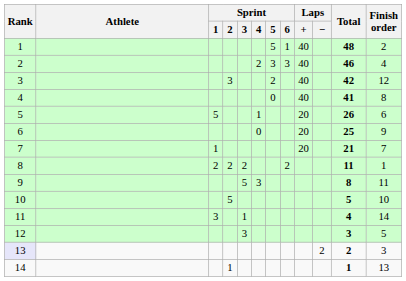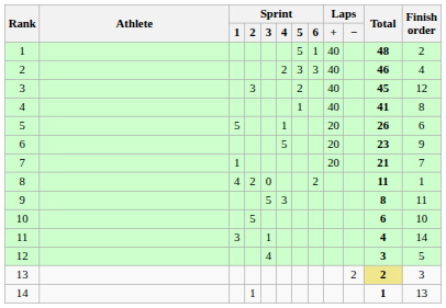 <table class="wikitable" style="text-align:center">
 <tr>
 <th rowspan=2 width=40>Rank</th>
 <th rowspan=2 width=250>Athlete</th>
 <th colspan=6>Sprint</th>
 <th colspan=2>Laps</th>
 <th rowspan=2 width=45>Total</th>
 <th rowspan=2 width=45>Finish order</th>
 </tr>
 <tr>
 <th width=14>1</th>
 <th width=14>2</th>
 <th width=14>3</th>
 <th width=14>4</th>
 <th width=14>5</th>
 <th width=14>6</th>
 <th width=20>+</th>
 <th width=20>−</th>
 </tr>
 <tr bgcolor="ccffcc">
 <td>1</td>
 <td align=left></td>
 <td></td>
 <td></td>
 <td></td>
 <td></td>
 <td>5</td>
 <td>1</td>
 <td>40</td>
 <td></td>
 <td><strong>48</strong></td>
 <td>2</td>
 </tr>
 <tr bgcolor="ccffcc">
 <td>2</td>
 <td align=left></td>
 <td></td>
 <td></td>
 <td></td>
 <td>2</td>
 <td>3</td>
 <td>3</td>
 <td>40</td>
 <td></td>
 <td><strong>46</strong></td>
 <td>4</td>
 </tr>
 <tr bgcolor="ccffcc">
 <td>3</td>
 <td align=left></td>
 <td></td>
 <td>3</td>
 <td></td>
 <td></td>
 <td>2</td>
 <td></td>
 <td>40</td>
 <td></td>
-<td><strong>42</strong></td>
+<td><strong>45</strong></td>
 <td>12</td>
 </tr>
 <tr bgcolor="ccffcc">
 <td>4</td>
 <td align=left></td>
 <td></td>
 <td></td>
 <td></td>
 <td></td>
-<td>0</td>
+<td>1</td>
 <td></td>
 <td>40</td>
 <td></td>
 <td><strong>41</strong></td>
 <td>8</td>
 </tr>
 <tr bgcolor="ccffcc">
 <td>5</td>
 <td align=left></td>
 <td>5</td>
 <td></td>
 <td></td>
 <td>1</td>
 <td></td>
 <td></td>
 <td>20</td>
 <td></td>
 <td><strong>26</strong></td>
 <td>6</td>
 </tr>
 <tr bgcolor="ccffcc">
 <td>6</td>
 <td align=left></td>
 <td></td>
 <td></td>
 <td></td>
-<td>0</td>
+<td>5</td>
 <td></td>
 <td></td>
 <td>20</td>
 <td></td>
-<td><strong>25</strong></td>
+<td><strong>23</strong></td>
 <td>9</td>
 </tr>
 <tr bgcolor="ccffcc">
 <td>7</td>
 <td align=left></td>
 <td>1</td>
 <td></td>
 <td></td>
 <td></td>
 <td></td>
 <td></td>
 <td>20</td>
 <td></td>
 <td><strong>21</strong></td>
 <td>7</td>
 </tr>
 <tr bgcolor="ccffcc">
 <td>8</td>
 <td align=left></td>
+<td>4</td>
 <td>2</td>
-<td>2</td>
-<td>2</td>
+<td>0</td>
 <td></td>
 <td></td>
 <td>2</td>
 <td></td>
 <td></td>
 <td><strong>11</strong></td>
 <td>1</td>
 </tr>
 <tr bgcolor="ccffcc">
 <td>9</td>
 <td align=left></td>
 <td></td>
 <td></td>
 <td>5</td>
 <td>3</td>
 <td></td>
 <td></td>
 <td></td>
 <td></td>
 <td><strong>8</strong></td>
 <td>11</td>
 </tr>
 <tr bgcolor="ccffcc">
 <td>10</td>
 <td align=left></td>
 <td></td>
 <td>5</td>
 <td></td>
 <td></td>
 <td></td>
 <td></td>
 <td></td>
 <td></td>
-<td><strong>5</strong></td>
+<td><strong>6</strong></td>
 <td>10</td>
 </tr>
 <tr bgcolor="ccffcc">
 <td>11</td>
 <td align=left></td>
 <td>3</td>
 <td></td>
 <td>1</td>
 <td></td>
 <td></td>
 <td></td>
 <td></td>
 <td></td>
 <td><strong>4</strong></td>
 <td>14</td>
 </tr>
 <tr bgcolor="ccffcc">
 <td>12</td>
 <td align=left></td>
 <td></td>
 <td></td>
-<td>3</td>
+<td>4</td>
 <td></td>
 <td></td>
 <td></td>
 <td></td>
 <td></td>
 <td><strong>3</strong></td>
 <td>5</td>
 </tr>
 <tr>
-<td style="background: lavender;">13</td>
+<td>13</td>
 <td align=left></td>
 <td></td>
 <td></td>
 <td></td>
 <td></td>
 <td></td>
 <td></td>
 <td></td>
 <td>2</td>
-<td><strong>2</strong></td>
+<td style="background: khaki;"><strong>2</strong></td>
 <td>3</td>
 </tr>
 <tr>
 <td>14</td>
 <td align=left></td>
 <td></td>
 <td>1</td>
 <td></td>
 <td></td>
 <td></td>
 <td></td>
 <td></td>
 <td></td>
 <td><strong>1</strong></td>
 <td>13</td>
 </tr>
 </table>
